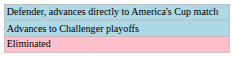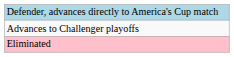 <table class="wikitable plainrowheaders">
 <tr bgcolor=lightblue>
 <td style=width:350px>Defender, advances directly to America's Cup match</td>
 </tr>
 <tr>
-<td style="background: lightblue;">Advances to Challenger playoffs</td>
+<td>Advances to Challenger playoffs</td>
 </tr>
 <tr bgcolor=pink>
 <td>Eliminated</td>
 </tr>
 </table>
